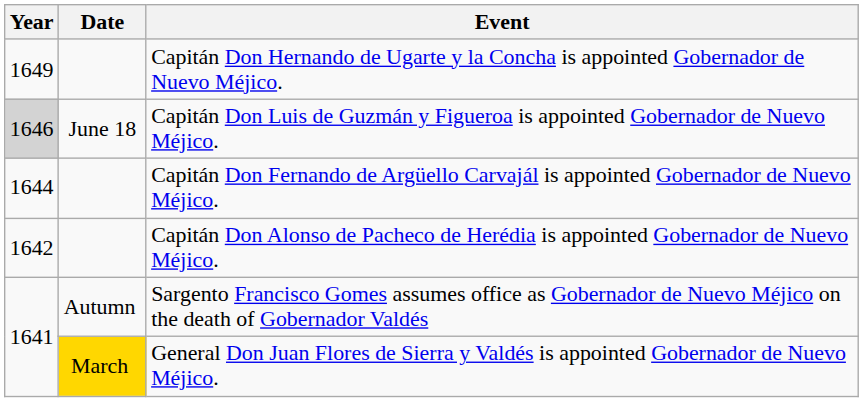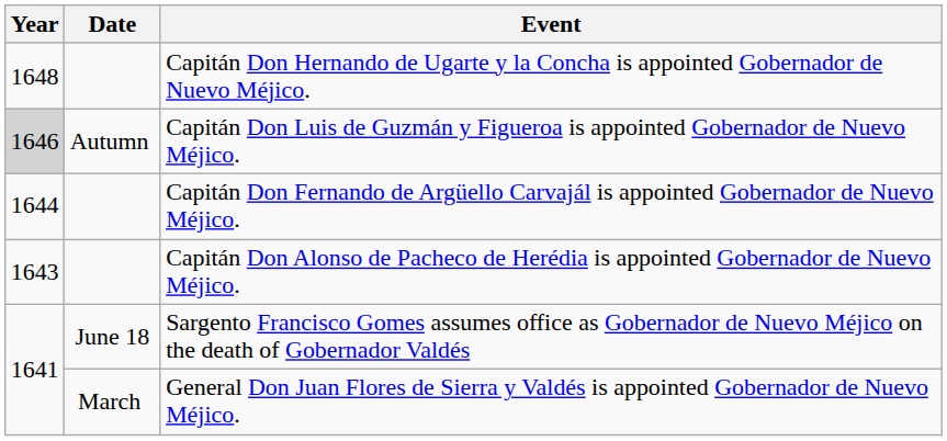 <table class="wikitable" style="width:100%;">
 <tr>
 <th style="width:6%">Year</th>
 <th style="width:8%">Date</th>
 <th style="width:86%">Event</th>
 </tr>
 <tr>
-<td align=center>1649</td>
+<td align=center>1648</td>
 <td align=center> </td>
 <td>Capitán <a href='#'>Don Hernando de Ugarte y la Concha</a> is appointed <a href='#'>Gobernador de Nuevo Méjico</a>.</td>
 </tr>
 <tr>
 <td align=center style="background: lightgrey;">1646</td>
-<td align=center>June 18</td>
+<td align=center>Autumn </td>
 <td>Capitán <a href='#'>Don Luis de Guzmán y Figueroa</a> is appointed <a href='#'>Gobernador de Nuevo Méjico</a>.</td>
 </tr>
 <tr>
 <td align=center>1644</td>
 <td align=center> </td>
 <td>Capitán <a href='#'>Don Fernando de Argüello Carvajál</a> is appointed <a href='#'>Gobernador de Nuevo Méjico</a>.</td>
 </tr>
 <tr>
-<td align=center>1642</td>
+<td align=center>1643</td>
 <td align=center> </td>
 <td>Capitán <a href='#'>Don Alonso de Pacheco de Herédia</a> is appointed <a href='#'>Gobernador de Nuevo Méjico</a>.</td>
 </tr>
 <tr>
 <td align=center rowspan=2>1641</td>
-<td align=center>Autumn </td>
+<td align=center>June 18</td>
 <td>Sargento <a href='#'>Francisco Gomes</a> assumes office as <a href='#'>Gobernador de Nuevo Méjico</a> on the death of <a href='#'>Gobernador Valdés</a></td>
 </tr>
 <tr>
-<td align=center style="background: gold;">March </td>
+<td align=center>March </td>
 <td>General <a href='#'>Don Juan Flores de Sierra y Valdés</a> is appointed <a href='#'>Gobernador de Nuevo Méjico</a>.</td>
 </tr>
 </table>
